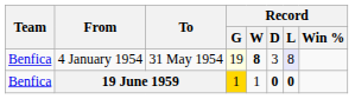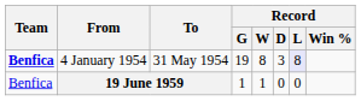 <table class="wikitable" style="text-align: center">
 <tr>
 <th rowspan="2">Team</th>
 <th rowspan="2">From</th>
 <th rowspan="2">To</th>
 <th colspan="8">Record</th>
 </tr>
 <tr>
 <th>G</th>
 <th>W</th>
 <th>D</th>
 <th>L</th>
 <th>Win %</th>
 </tr>
 <tr>
-<td align="left"><a href='#'>Benfica</a></td>
+<td align="left"><strong><a href='#'>Benfica</a></strong></td>
 <td align="left">4 January 1954</td>
 <td align="left">31 May 1954</td>
-<td style="background: lightyellow;">19</td>
-<td><strong>8</strong></td>
+<td>19</td>
+<td>8</td>
 <td>3</td>
 <td style="background: lavender;">8</td>
 <td></td>
 </tr>
 <tr>
 <td align="left"><a href='#'>Benfica</a></td>
 <th colspan="2">19 June 1959</th>
-<td style="background: gold;">1</td>
 <td>1</td>
-<td><strong>0</strong></td>
-<td><strong>0</strong></td>
+<td>1</td>
+<td>0</td>
+<td>0</td>
 <td></td>
 </tr>
 </table>
